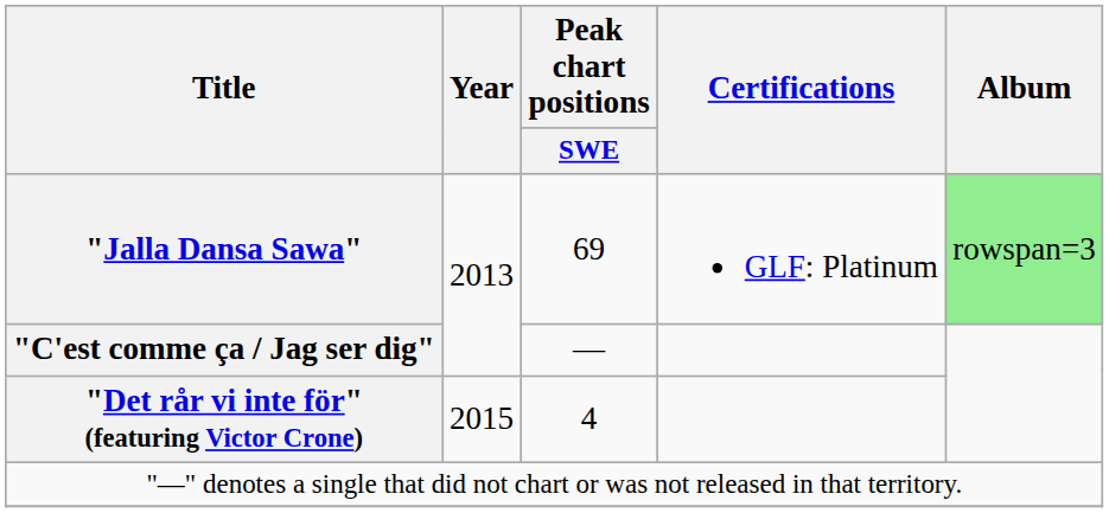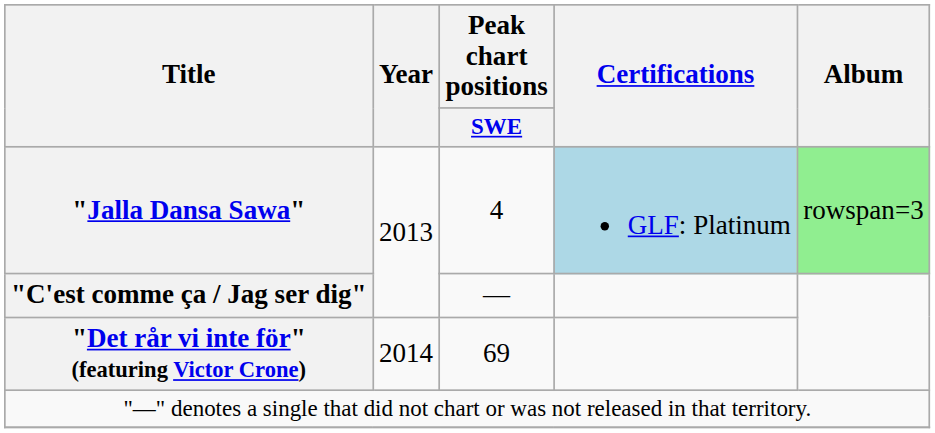 <table class="wikitable plainrowheaders" style="text-align:center;">
 <tr>
 <th scope="col" rowspan="2">Title</th>
 <th scope="col" rowspan="2">Year</th>
 <th scope="col" colspan="1">Peak chart positions</th>
 <th scope="col" rowspan="2"><a href='#'>Certifications</a></th>
 <th scope="col" rowspan="2">Album</th>
 </tr>
 <tr>
 <th scope="col" style="width:3em;font-size:85%;"><a href='#'>SWE</a><br></th>
 </tr>
 <tr>
 <th scope="row">"<a href='#'>Jalla Dansa Sawa</a>"</th>
 <td rowspan=2>2013</td>
-<td>69</td>
-<td><br><ul><li><a href='#'>GLF</a>: Platinum</li></ul></td>
+<td>4</td>
+<td style="background: lightblue;"><br><ul><li><a href='#'>GLF</a>: Platinum</li></ul></td>
 <td style="background: lightgreen;">rowspan=3 </td>
 </tr>
 <tr>
 <th scope="row">"C'est comme ça / Jag ser dig"</th>
 <td>—</td>
 <td></td>
 </tr>
 <tr>
 <th scope="row">"<a href='#'>Det rår vi inte för</a>" <br><small>(featuring <a href='#'>Victor Crone</a>)</small></th>
-<td>2015</td>
-<td>4</td>
+<td>2014</td>
+<td>69</td>
 <td></td>
 </tr>
 <tr>
 <td colspan="10" style="font-size:85%">"—" denotes a single that did not chart or was not released in that territory.</td>
 </tr>
 <tr>
 </tr>
 </table>
